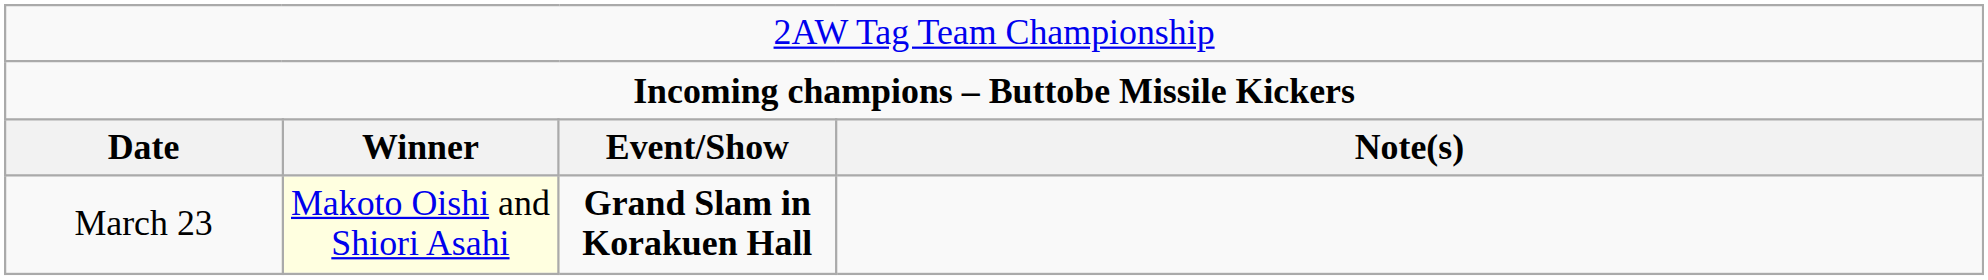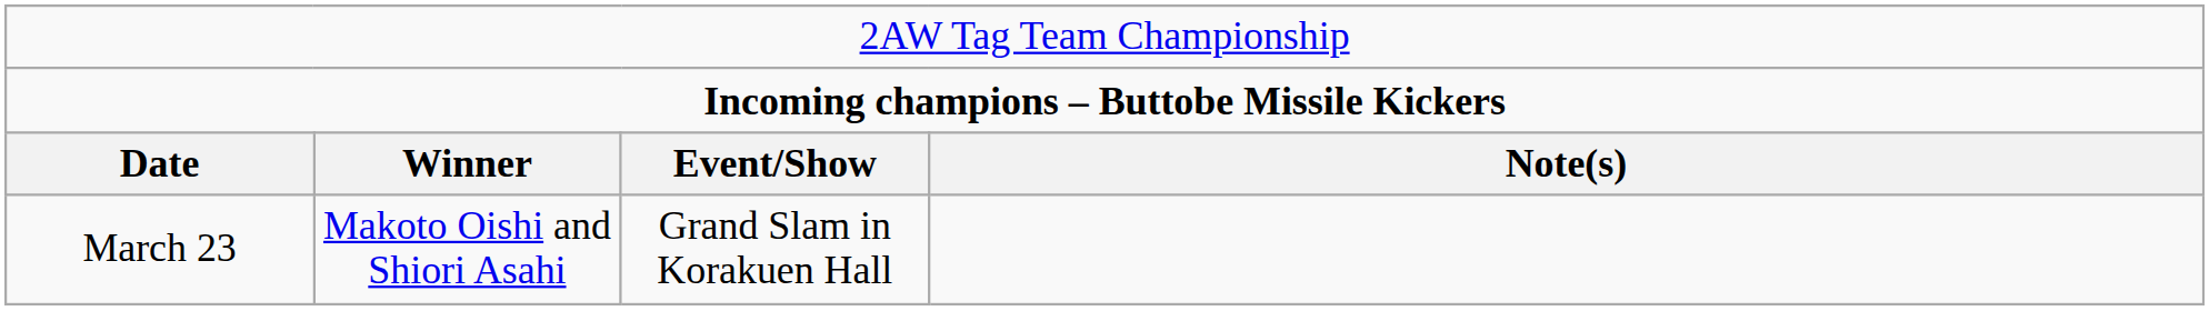 <table class="wikitable" style="text-align:center; width:100%;">
 <tr>
 <td colspan="4" style="text-align: center;"><a href='#'>2AW Tag Team Championship</a></td>
 </tr>
 <tr>
 <td colspan="4" style="text-align: center;"><strong>Incoming champions – Buttobe Missile Kickers </strong></td>
 </tr>
 <tr>
 <th width=14%>Date</th>
 <th width=14%>Winner</th>
 <th width=14%>Event/Show</th>
 <th width=58%>Note(s)</th>
 </tr>
 <tr>
 <td>March 23</td>
-<td style="background: lightyellow;"><a href='#'>Makoto Oishi</a> and <a href='#'>Shiori Asahi</a></td>
-<td><strong>Grand Slam in Korakuen Hall</strong></td>
+<td><a href='#'>Makoto Oishi</a> and <a href='#'>Shiori Asahi</a></td>
+<td>Grand Slam in Korakuen Hall</td>
 <td></td>
 </tr>
 </table>
